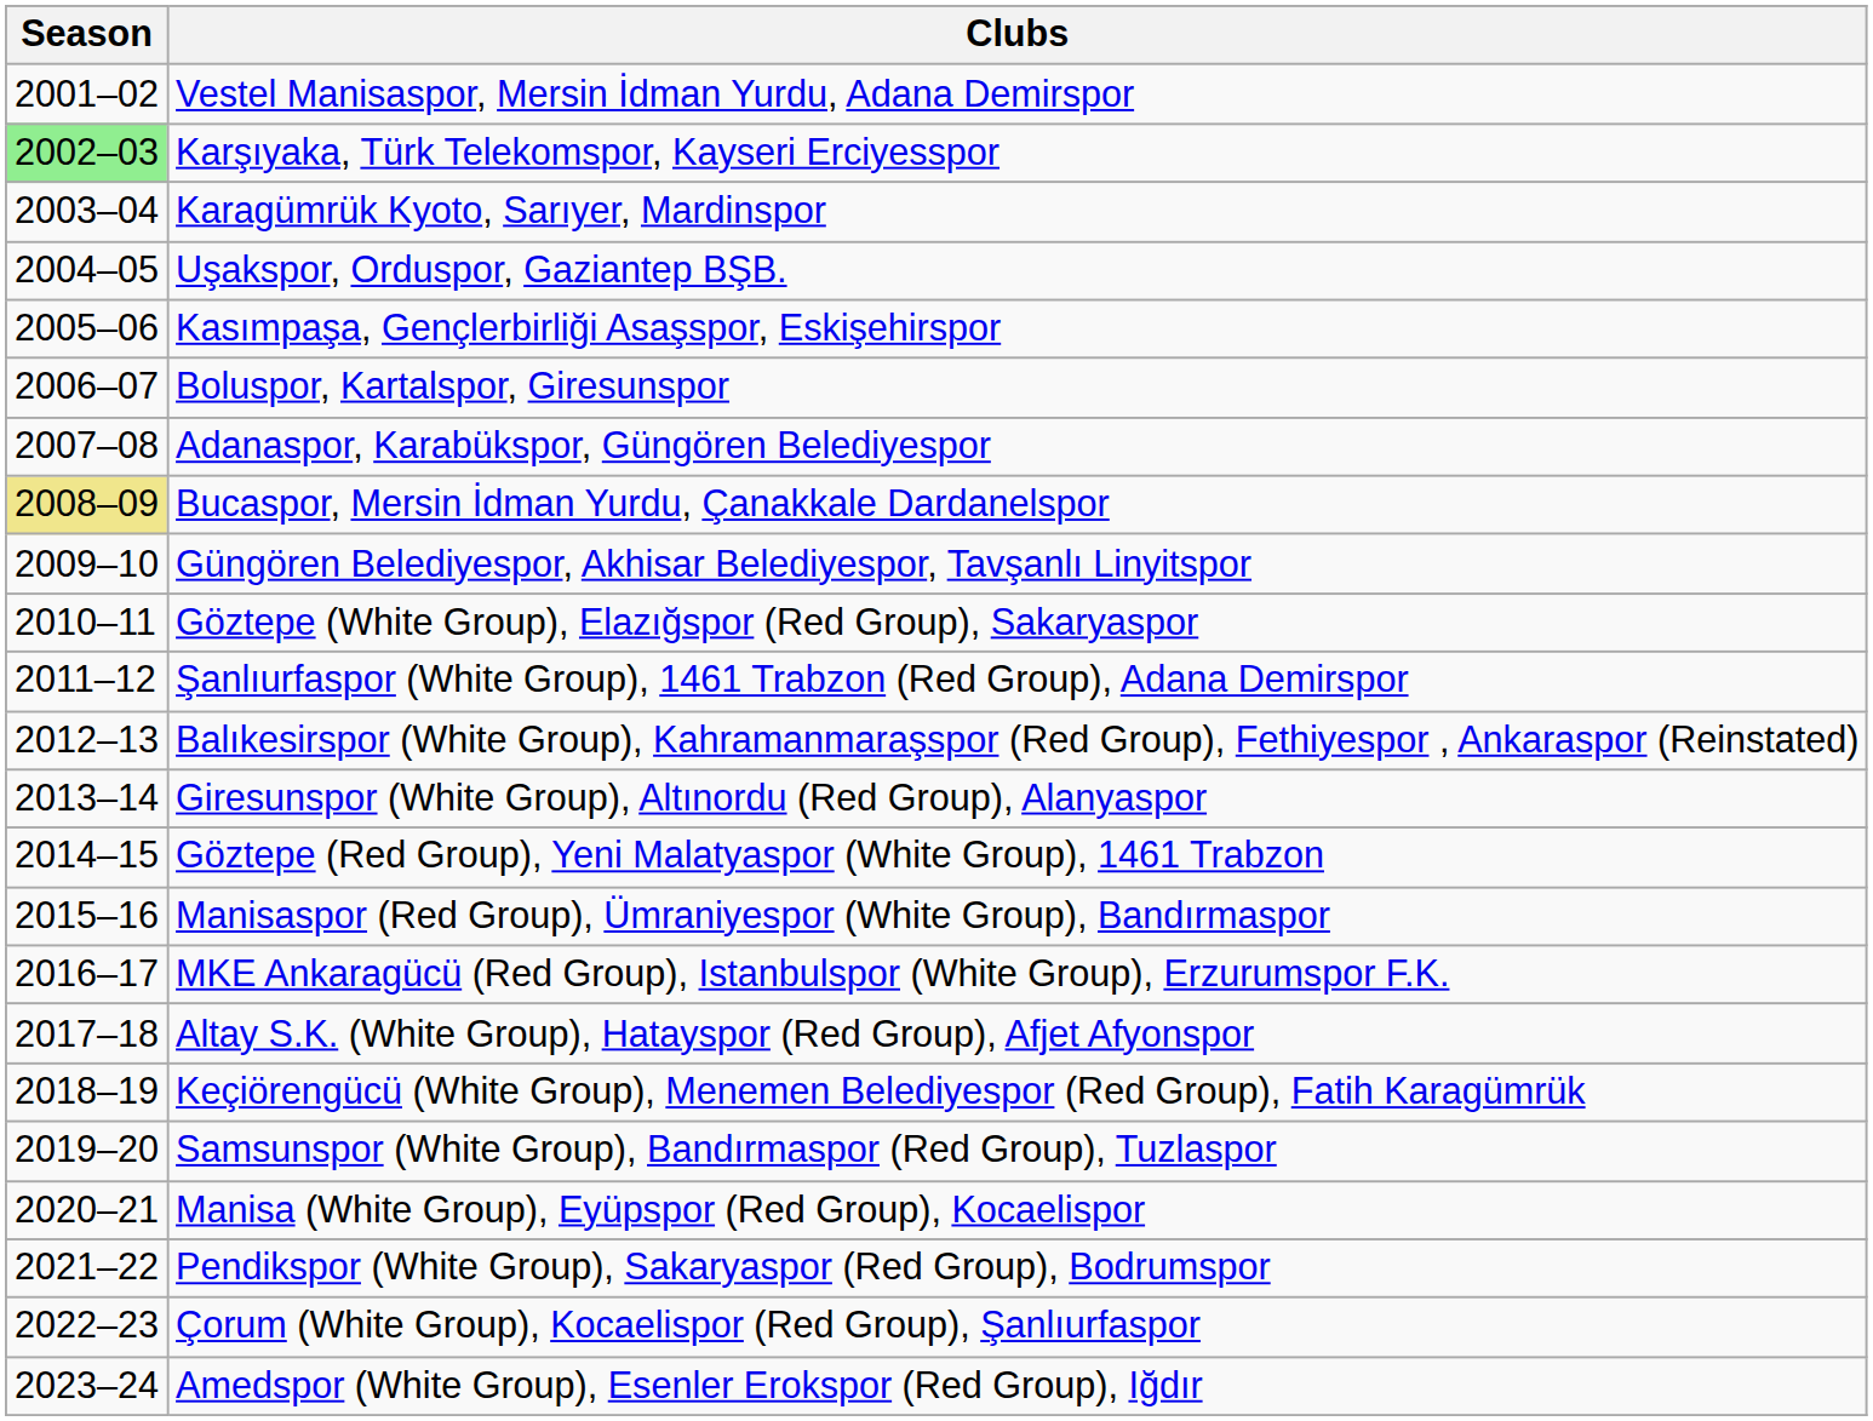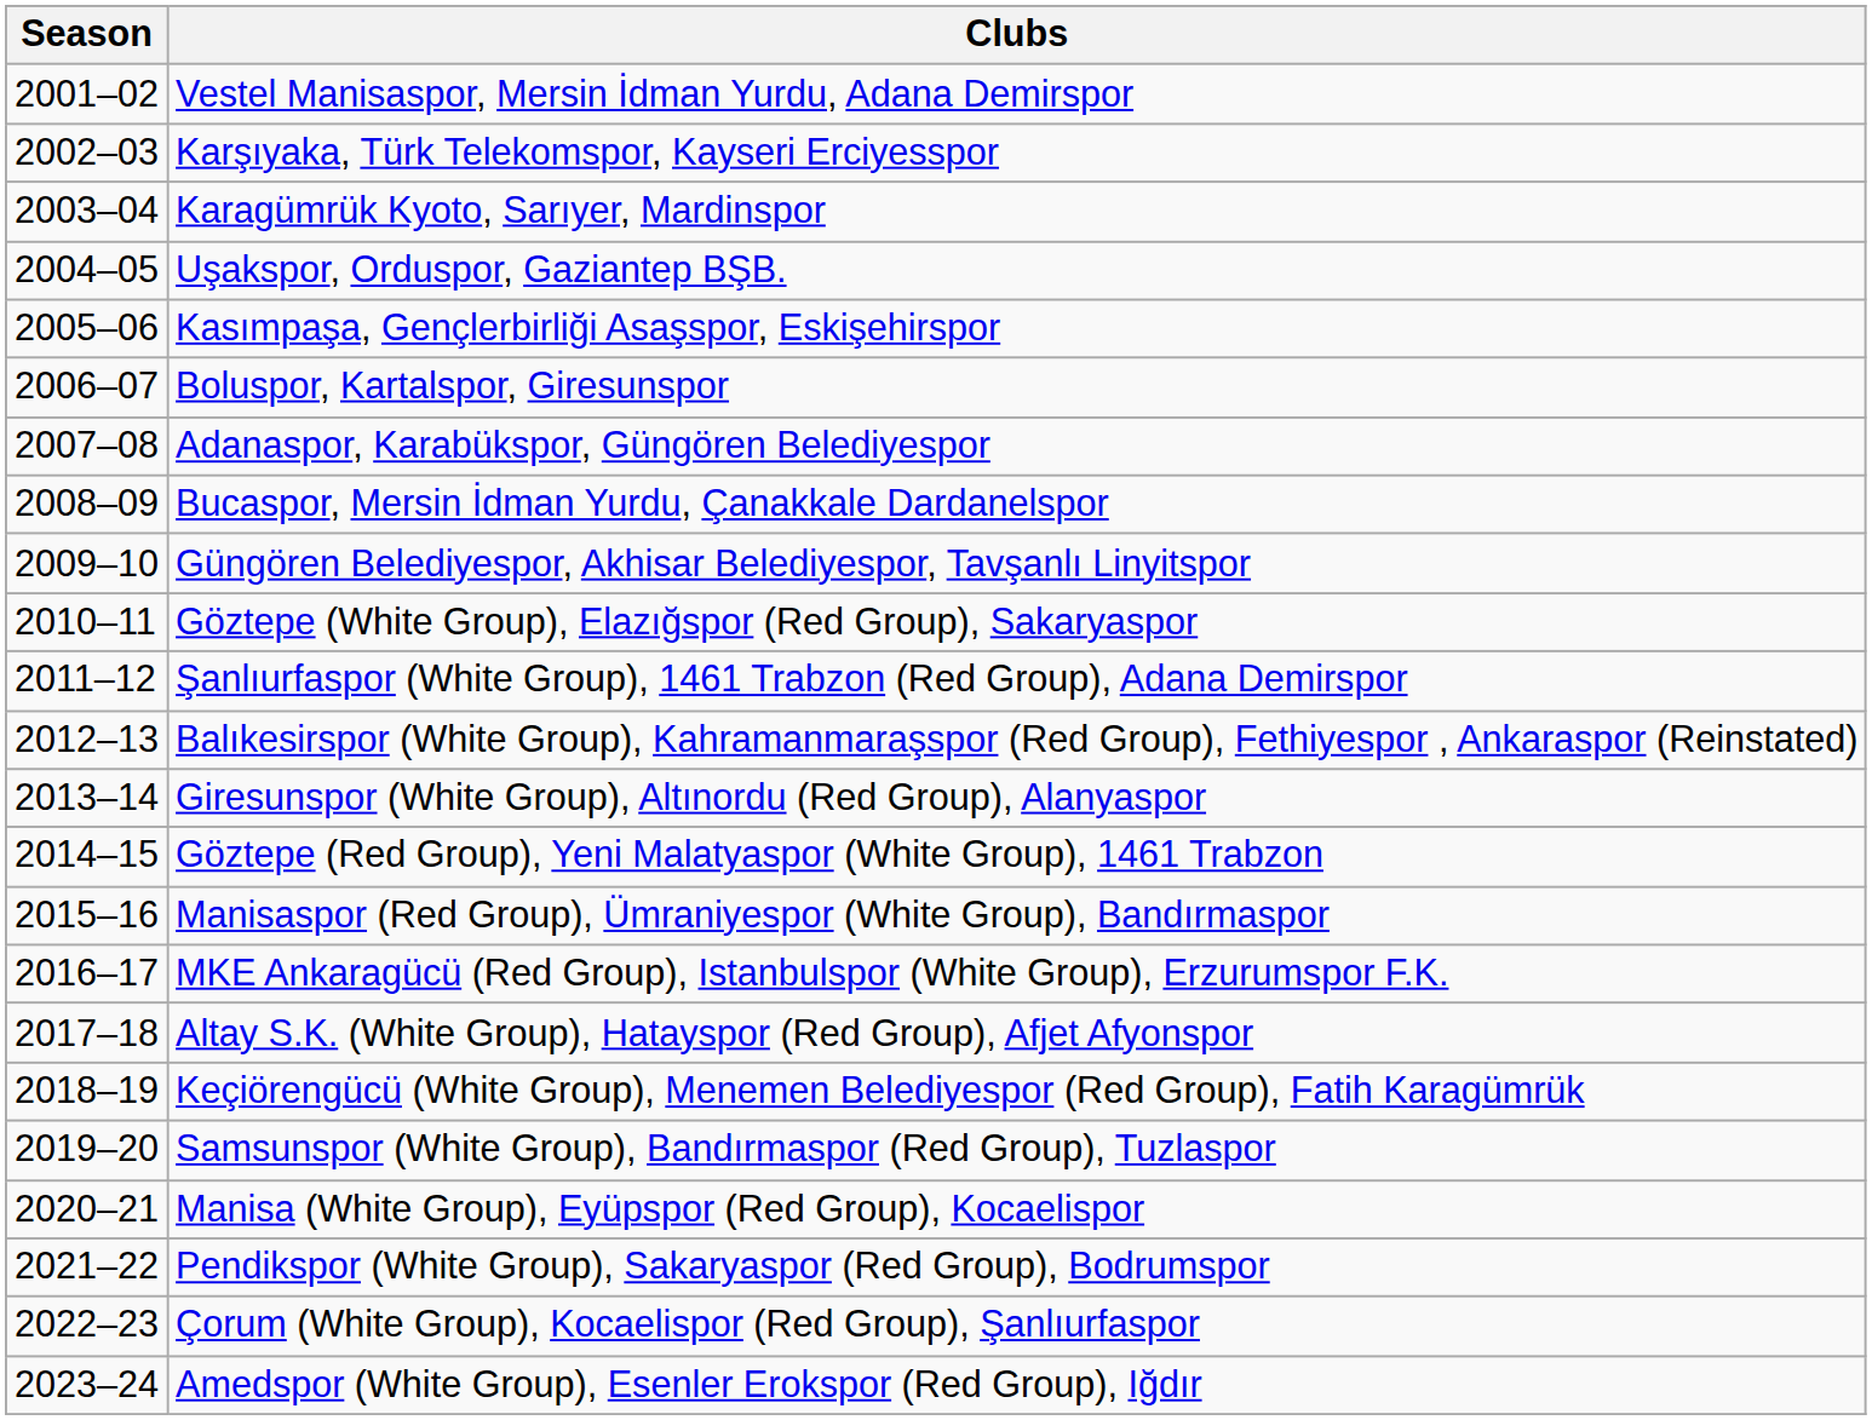 <table class="wikitable" style="text-align:left;">
 <tr>
 <th>Season</th>
 <th>Clubs</th>
 </tr>
 <tr>
 <td>2001–02</td>
 <td><a href='#'>Vestel Manisaspor</a>, <a href='#'>Mersin İdman Yurdu</a>, <a href='#'>Adana Demirspor</a> </td>
 </tr>
 <tr>
-<td style="background: lightgreen;">2002–03</td>
+<td>2002–03</td>
 <td><a href='#'>Karşıyaka</a>, <a href='#'>Türk Telekomspor</a>, <a href='#'>Kayseri Erciyesspor</a></td>
 </tr>
 <tr>
 <td>2003–04</td>
 <td><a href='#'>Karagümrük Kyoto</a>, <a href='#'>Sarıyer</a>, <a href='#'>Mardinspor</a></td>
 </tr>
 <tr>
 <td>2004–05</td>
 <td><a href='#'>Uşakspor</a>, <a href='#'>Orduspor</a>, <a href='#'>Gaziantep BŞB.</a></td>
 </tr>
 <tr>
 <td>2005–06</td>
 <td><a href='#'>Kasımpaşa</a>, <a href='#'>Gençlerbirliği Asaşspor</a>, <a href='#'>Eskişehirspor</a> </td>
 </tr>
 <tr>
 <td>2006–07</td>
 <td><a href='#'>Boluspor</a>, <a href='#'>Kartalspor</a>, <a href='#'>Giresunspor</a> </td>
 </tr>
 <tr>
 <td>2007–08</td>
 <td><a href='#'>Adanaspor</a>, <a href='#'>Karabükspor</a>, <a href='#'>Güngören Belediyespor</a> </td>
 </tr>
 <tr>
-<td style="background: khaki;">2008–09</td>
+<td>2008–09</td>
 <td><a href='#'>Bucaspor</a>, <a href='#'>Mersin İdman Yurdu</a>, <a href='#'>Çanakkale Dardanelspor</a> </td>
 </tr>
 <tr>
 <td>2009–10</td>
 <td><a href='#'>Güngören Belediyespor</a>, <a href='#'>Akhisar Belediyespor</a>, <a href='#'>Tavşanlı Linyitspor</a> </td>
 </tr>
 <tr>
 <td>2010–11</td>
 <td><a href='#'>Göztepe</a> (White Group), <a href='#'>Elazığspor</a> (Red Group), <a href='#'>Sakaryaspor</a> </td>
 </tr>
 <tr>
 <td>2011–12</td>
 <td><a href='#'>Şanlıurfaspor</a> (White Group), <a href='#'>1461 Trabzon</a> (Red Group), <a href='#'>Adana Demirspor</a> </td>
 </tr>
 <tr>
 <td>2012–13</td>
 <td><a href='#'>Balıkesirspor</a> (White Group), <a href='#'>Kahramanmaraşspor</a> (Red Group), <a href='#'>Fethiyespor</a> , <a href='#'>Ankaraspor</a> (Reinstated)</td>
 </tr>
 <tr>
 <td>2013–14</td>
 <td><a href='#'>Giresunspor</a> (White Group), <a href='#'>Altınordu</a> (Red Group), <a href='#'>Alanyaspor</a> </td>
 </tr>
 <tr>
 <td>2014–15</td>
 <td><a href='#'>Göztepe</a> (Red Group), <a href='#'>Yeni Malatyaspor</a> (White Group), <a href='#'>1461 Trabzon</a> </td>
 </tr>
 <tr>
 <td>2015–16</td>
 <td><a href='#'>Manisaspor</a> (Red Group), <a href='#'>Ümraniyespor</a> (White Group), <a href='#'>Bandırmaspor</a> </td>
 </tr>
 <tr>
 <td>2016–17</td>
 <td><a href='#'>MKE Ankaragücü</a> (Red Group), <a href='#'>Istanbulspor</a> (White Group), <a href='#'>Erzurumspor F.K.</a> </td>
 </tr>
 <tr>
 <td>2017–18</td>
 <td><a href='#'>Altay S.K.</a> (White Group), <a href='#'>Hatayspor</a> (Red Group), <a href='#'>Afjet Afyonspor</a> </td>
 </tr>
 <tr>
 <td>2018–19</td>
 <td><a href='#'>Keçiörengücü</a> (White Group), <a href='#'>Menemen Belediyespor</a> (Red Group), <a href='#'>Fatih Karagümrük</a> </td>
 </tr>
 <tr>
 <td>2019–20</td>
 <td><a href='#'>Samsunspor</a> (White Group), <a href='#'>Bandırmaspor</a> (Red Group), <a href='#'>Tuzlaspor</a> </td>
 </tr>
 <tr>
 <td>2020–21</td>
 <td><a href='#'>Manisa</a> (White Group), <a href='#'>Eyüpspor</a> (Red Group), <a href='#'>Kocaelispor</a> </td>
 </tr>
 <tr>
 <td>2021–22</td>
 <td><a href='#'>Pendikspor</a> (White Group), <a href='#'>Sakaryaspor</a> (Red Group), <a href='#'>Bodrumspor</a> </td>
 </tr>
 <tr>
 <td>2022–23</td>
 <td><a href='#'>Çorum</a> (White Group), <a href='#'>Kocaelispor</a> (Red Group), <a href='#'>Şanlıurfaspor</a> </td>
 </tr>
 <tr>
 <td>2023–24</td>
 <td><a href='#'>Amedspor</a> (White Group), <a href='#'>Esenler Erokspor</a> (Red Group), <a href='#'>Iğdır</a> </td>
 </tr>
 </table>
